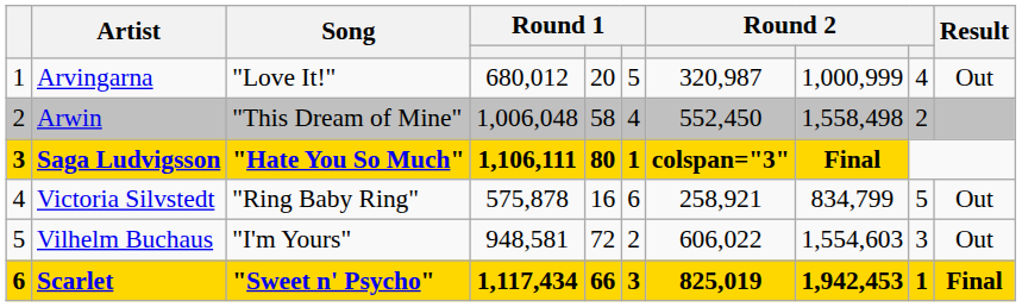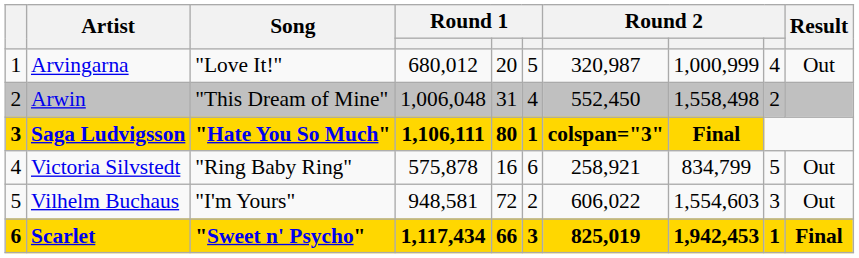 <table class="sortable wikitable" style="margin: 1em auto 1em auto; text-align:center;">
 <tr>
 <th rowspan="2"></th>
 <th rowspan="2">Artist</th>
 <th rowspan="2">Song</th>
 <th colspan="3">Round 1</th>
 <th colspan="3">Round 2</th>
 <th rowspan="2" class="unsortable">Result</th>
 </tr>
 <tr>
 <th></th>
 <th></th>
 <th></th>
 <th></th>
 <th></th>
 <th></th>
 </tr>
 <tr>
 <td>1</td>
 <td align="left"><a href='#'>Arvingarna</a></td>
 <td align="left">"Love It!"</td>
 <td>680,012</td>
 <td>20</td>
 <td>5</td>
 <td>320,987</td>
 <td>1,000,999</td>
 <td>4</td>
 <td>Out</td>
 </tr>
 <tr style="background:silver;">
 <td>2</td>
 <td align="left"><a href='#'>Arwin</a></td>
 <td align="left">"This Dream of Mine"</td>
 <td>1,006,048</td>
-<td>58</td>
+<td>31</td>
 <td>4</td>
 <td>552,450</td>
 <td>1,558,498</td>
 <td>2</td>
 <td><strong></strong></td>
 </tr>
 <tr style="background:gold; font-weight:bold;">
 <td>3</td>
 <td align="left"><a href='#'>Saga Ludvigsson</a></td>
 <td align="left">"<a href='#'>Hate You So Much</a>"</td>
 <td>1,106,111</td>
 <td>80</td>
 <td>1</td>
 <td>colspan="3" </td>
 <td>Final</td>
 </tr>
 <tr>
 <td>4</td>
 <td align="left"><a href='#'>Victoria Silvstedt</a></td>
 <td align="left">"Ring Baby Ring"</td>
 <td>575,878</td>
 <td>16</td>
 <td>6</td>
 <td>258,921</td>
 <td>834,799</td>
 <td>5</td>
 <td>Out</td>
 </tr>
 <tr>
 <td>5</td>
 <td align="left"><a href='#'>Vilhelm Buchaus</a></td>
 <td align="left">"I'm Yours"</td>
 <td>948,581</td>
 <td>72</td>
 <td>2</td>
 <td>606,022</td>
 <td>1,554,603</td>
 <td>3</td>
 <td>Out</td>
 </tr>
 <tr style="background:gold; font-weight:bold;">
 <td>6</td>
 <td align="left"><a href='#'>Scarlet</a></td>
 <td align="left">"<a href='#'>Sweet n' Psycho</a>"</td>
 <td>1,117,434</td>
 <td>66</td>
 <td>3</td>
 <td>825,019</td>
 <td>1,942,453</td>
 <td>1</td>
 <td>Final</td>
 </tr>
 </table>
